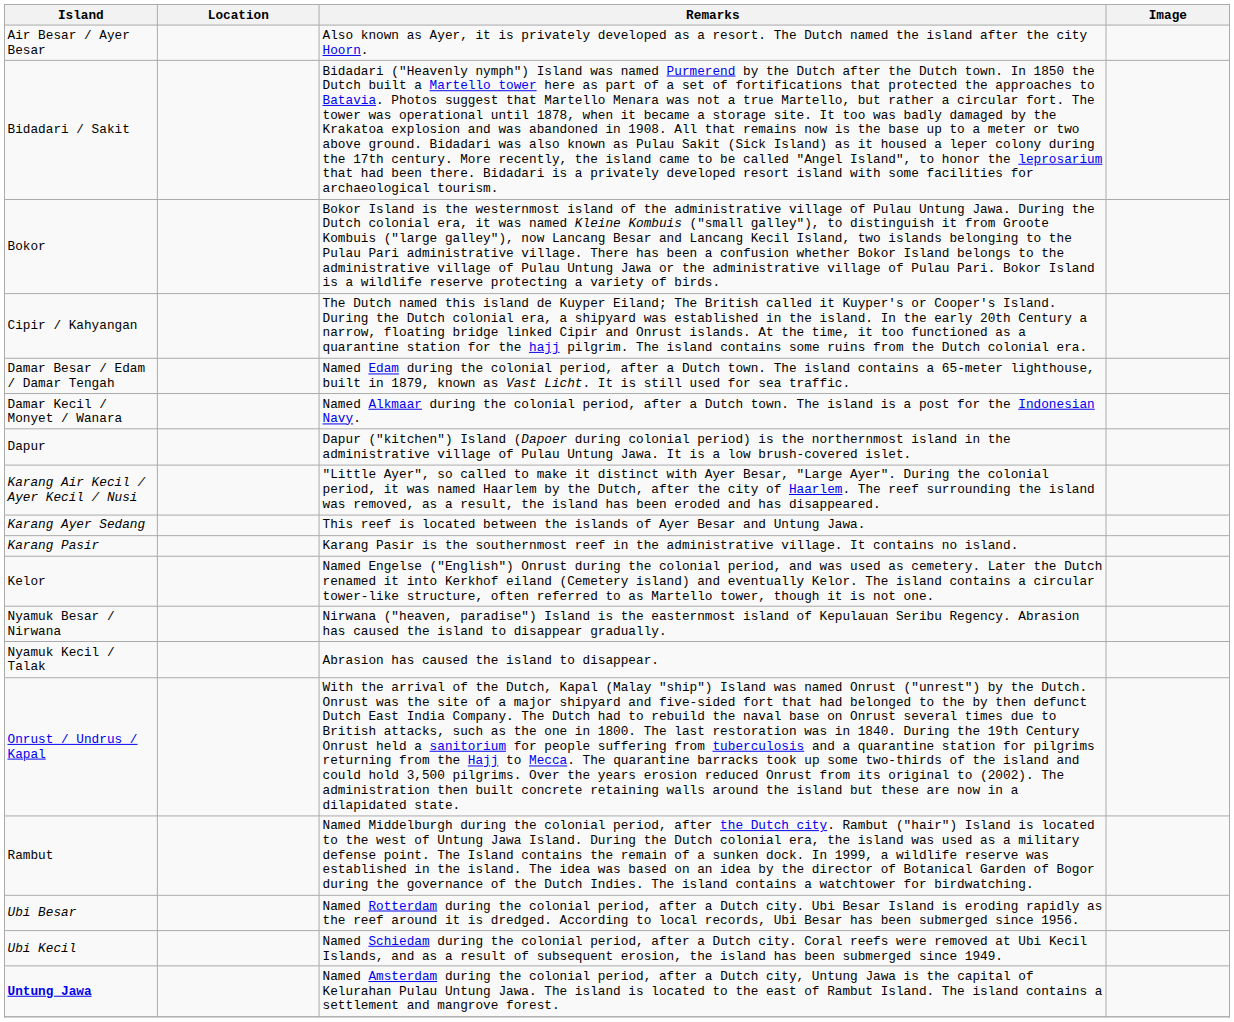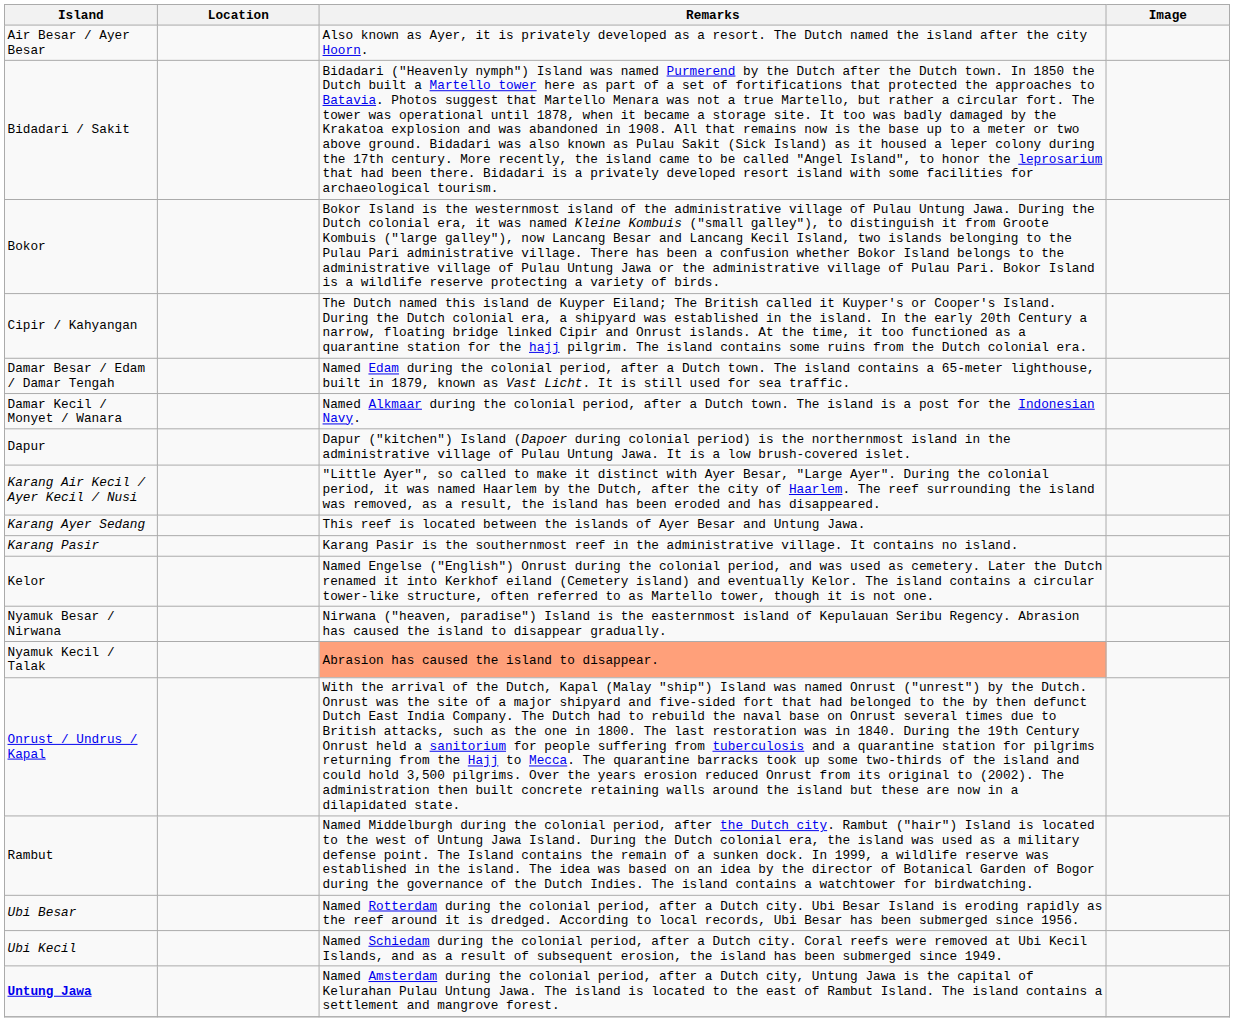 <table class="wikitable">
 <tr>
 <th scope="col" width="150">Island</th>
 <th scope="col" width="160">Location</th>
 <th scope="col" width="800">Remarks</th>
 <th scope="col" width="120">Image</th>
 </tr>
 <tr>
 <td>Air Besar / Ayer Besar</td>
 <td></td>
 <td>Also known as Ayer, it is privately developed as a resort. The Dutch named the island after the city <a href='#'>Hoorn</a>.</td>
 <td></td>
 </tr>
 <tr>
 <td>Bidadari / Sakit</td>
 <td></td>
 <td>Bidadari ("Heavenly nymph") Island was named <a href='#'>Purmerend</a> by the Dutch after the Dutch town. In 1850 the Dutch built a <a href='#'>Martello tower</a> here as part of a set of fortifications that protected the approaches to <a href='#'>Batavia</a>.  Photos suggest that Martello Menara was not a true Martello, but rather a circular fort. The tower was operational until 1878, when it became a storage site. It too was badly damaged by the Krakatoa explosion and was abandoned in 1908. All that remains now is the base up to a meter or two above ground. Bidadari was also known as Pulau Sakit (Sick Island) as it housed a leper colony during the 17th century. More recently, the island came to be called "Angel Island", to honor the <a href='#'>leprosarium</a> that had been there. Bidadari is a privately developed resort island with some facilities for archaeological tourism.</td>
 <td></td>
 </tr>
 <tr>
 <td>Bokor</td>
 <td></td>
 <td>Bokor Island is the westernmost island of the administrative village of Pulau Untung Jawa. During the Dutch colonial era, it was named <em>Kleine Kombuis</em> ("small galley"), to distinguish it from Groote Kombuis ("large galley"), now Lancang Besar and Lancang Kecil Island, two islands belonging to the Pulau Pari administrative village. There has been a confusion whether Bokor Island belongs to the administrative village of Pulau Untung Jawa or the administrative village of Pulau Pari. Bokor Island is a wildlife reserve protecting a variety of birds.</td>
 <td></td>
 </tr>
 <tr>
 <td>Cipir / Kahyangan</td>
 <td></td>
 <td>The Dutch named this island de Kuyper Eiland; The British called it Kuyper's or Cooper's Island. During the Dutch colonial era, a shipyard was established in the island. In the early 20th Century a narrow, floating bridge linked Cipir and Onrust islands. At the time, it too functioned as a quarantine station for the <a href='#'>hajj</a> pilgrim. The island contains some ruins from the Dutch colonial era.</td>
 <td></td>
 </tr>
 <tr>
 <td>Damar Besar / Edam / Damar Tengah</td>
 <td></td>
 <td>Named <a href='#'>Edam</a> during the colonial period, after a Dutch town. The island contains a 65-meter lighthouse, built in 1879, known as <em>Vast Licht</em>. It is still used for sea traffic.</td>
 <td></td>
 </tr>
 <tr>
 <td>Damar Kecil / Monyet / Wanara</td>
 <td></td>
 <td>Named <a href='#'>Alkmaar</a> during the colonial period, after a Dutch town. The island is a post for the <a href='#'>Indonesian Navy</a>.</td>
 <td></td>
 </tr>
 <tr>
 <td>Dapur</td>
 <td></td>
 <td>Dapur ("kitchen") Island (<em>Dapoer</em> during colonial period) is the northernmost island in the administrative village of Pulau Untung Jawa. It is a low brush-covered islet.</td>
 <td></td>
 </tr>
 <tr>
 <td><em>Karang Air Kecil / Ayer Kecil / Nusi</em></td>
 <td></td>
 <td>"Little Ayer", so called to make it distinct with Ayer Besar, "Large Ayer". During the colonial period, it was named Haarlem by the Dutch, after the city of <a href='#'>Haarlem</a>. The reef surrounding the island was removed, as a result, the island has been eroded and has disappeared.</td>
 <td></td>
 </tr>
 <tr>
 <td><em>Karang Ayer Sedang</em></td>
 <td></td>
 <td>This reef is located between the islands of Ayer Besar and Untung Jawa.</td>
 <td></td>
 </tr>
 <tr>
 <td><em>Karang Pasir</em></td>
 <td></td>
 <td>Karang Pasir is the southernmost reef in the administrative village. It contains no island.</td>
 <td></td>
 </tr>
 <tr>
 <td>Kelor</td>
 <td></td>
 <td>Named Engelse ("English") Onrust during the colonial period, and was used as cemetery. Later the Dutch renamed it into Kerkhof eiland (Cemetery island) and eventually Kelor. The island contains a circular tower-like structure, often referred to as Martello tower, though it is not one.</td>
 <td></td>
 </tr>
 <tr>
 <td>Nyamuk Besar / Nirwana</td>
 <td></td>
 <td>Nirwana ("heaven, paradise") Island is the easternmost island of Kepulauan Seribu Regency. Abrasion has caused the island to disappear gradually.</td>
 <td></td>
 </tr>
 <tr>
 <td>Nyamuk Kecil / Talak</td>
 <td></td>
-<td>Abrasion has caused the island to disappear.</td>
+<td style="background: lightsalmon;">Abrasion has caused the island to disappear.</td>
 <td></td>
 </tr>
 <tr>
 <td><a href='#'>Onrust / Undrus / Kapal</a></td>
 <td></td>
 <td>With the arrival of the Dutch, Kapal (Malay "ship") Island was named Onrust ("unrest") by the Dutch. Onrust was the site of a major shipyard and five-sided fort that had belonged to the by then defunct Dutch East India Company. The Dutch had to rebuild the naval base on Onrust several times due to British attacks, such as the one in 1800. The last restoration was in 1840. During the 19th Century Onrust held a <a href='#'>sanitorium</a> for people suffering from <a href='#'>tuberculosis</a> and a quarantine station for pilgrims returning from the <a href='#'>Hajj</a> to <a href='#'>Mecca</a>. The quarantine barracks took up some two-thirds of the island and could hold 3,500 pilgrims. Over the years erosion reduced Onrust from its original  to  (2002). The administration then built concrete retaining walls around the island but these are now in a dilapidated state.</td>
 <td></td>
 </tr>
 <tr>
 <td>Rambut</td>
 <td></td>
 <td>Named Middelburgh during the colonial period, after <a href='#'>the Dutch city</a>. Rambut ("hair") Island is located  to the west of Untung Jawa Island. During the Dutch colonial era, the island was used as a military defense point. The Island contains the remain of a sunken dock. In 1999, a wildlife reserve was established in the island. The idea was based on an idea by the director of Botanical Garden of Bogor during the governance of the Dutch Indies. The island contains a watchtower for birdwatching.</td>
 <td></td>
 </tr>
 <tr>
 <td><em>Ubi Besar</em></td>
 <td></td>
 <td>Named <a href='#'>Rotterdam</a> during the colonial period, after a Dutch city. Ubi Besar Island is eroding rapidly as the reef around it is dredged. According to local records, Ubi Besar has been submerged since 1956.</td>
 <td></td>
 </tr>
 <tr>
 <td><em>Ubi Kecil</em></td>
 <td></td>
 <td>Named <a href='#'>Schiedam</a> during the colonial period, after a Dutch city. Coral reefs were removed at Ubi Kecil Islands, and as a result of subsequent erosion, the island has been submerged since 1949.</td>
 <td></td>
 </tr>
 <tr>
 <td><strong><a href='#'>Untung Jawa</a></strong></td>
 <td></td>
 <td>Named <a href='#'>Amsterdam</a> during the colonial period, after a Dutch city, Untung Jawa is the capital of Kelurahan Pulau Untung Jawa. The island is located  to the east of Rambut Island. The island contains a settlement and mangrove forest.</td>
 <td></td>
 </tr>
 <tr>
 </tr>
 </table>
